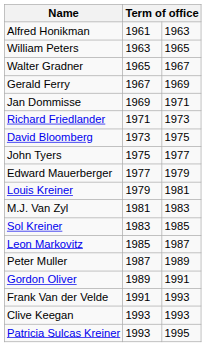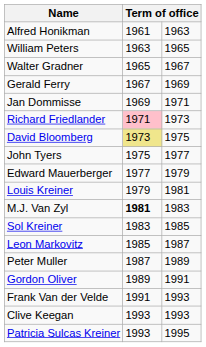 <table class="wikitable">
 <tr>
 <th>Name</th>
 <th colspan=2>Term of office</th>
 </tr>
 <tr>
 <td>Alfred Honikman</td>
 <td>1961</td>
 <td>1963</td>
 </tr>
 <tr>
 <td>William Peters</td>
 <td>1963</td>
 <td>1965</td>
 </tr>
 <tr>
 <td>Walter Gradner</td>
 <td>1965</td>
 <td>1967</td>
 </tr>
 <tr>
 <td>Gerald Ferry</td>
 <td>1967</td>
 <td>1969</td>
 </tr>
 <tr>
 <td>Jan Dommisse</td>
 <td>1969</td>
 <td>1971</td>
 </tr>
 <tr>
 <td><a href='#'>Richard Friedlander</a></td>
-<td>1971</td>
+<td style="background: pink;">1971</td>
 <td>1973</td>
 </tr>
 <tr>
 <td><a href='#'>David Bloomberg</a></td>
-<td>1973</td>
+<td style="background: khaki;">1973</td>
 <td>1975</td>
 </tr>
 <tr>
 <td>John Tyers</td>
 <td>1975</td>
 <td>1977</td>
 </tr>
 <tr>
 <td>Edward Mauerberger</td>
 <td>1977</td>
 <td>1979</td>
 </tr>
 <tr>
 <td><a href='#'>Louis Kreiner</a></td>
 <td>1979</td>
 <td>1981</td>
 </tr>
 <tr>
 <td>M.J. Van Zyl</td>
-<td>1981</td>
+<td><strong>1981</strong></td>
 <td>1983</td>
 </tr>
 <tr>
 <td><a href='#'>Sol Kreiner</a></td>
 <td>1983</td>
 <td>1985</td>
 </tr>
 <tr>
 <td><a href='#'>Leon Markovitz</a></td>
 <td>1985</td>
 <td>1987</td>
 </tr>
 <tr>
 <td>Peter Muller</td>
 <td>1987</td>
 <td>1989</td>
 </tr>
 <tr>
 <td><a href='#'>Gordon Oliver</a></td>
 <td>1989</td>
 <td>1991</td>
 </tr>
 <tr>
 <td>Frank Van der Velde</td>
 <td>1991</td>
 <td>1993</td>
 </tr>
 <tr>
 <td>Clive Keegan</td>
 <td>1993</td>
 <td>1993</td>
 </tr>
 <tr>
 <td><a href='#'>Patricia Sulcas Kreiner</a></td>
 <td>1993</td>
 <td>1995</td>
 </tr>
 </table>
